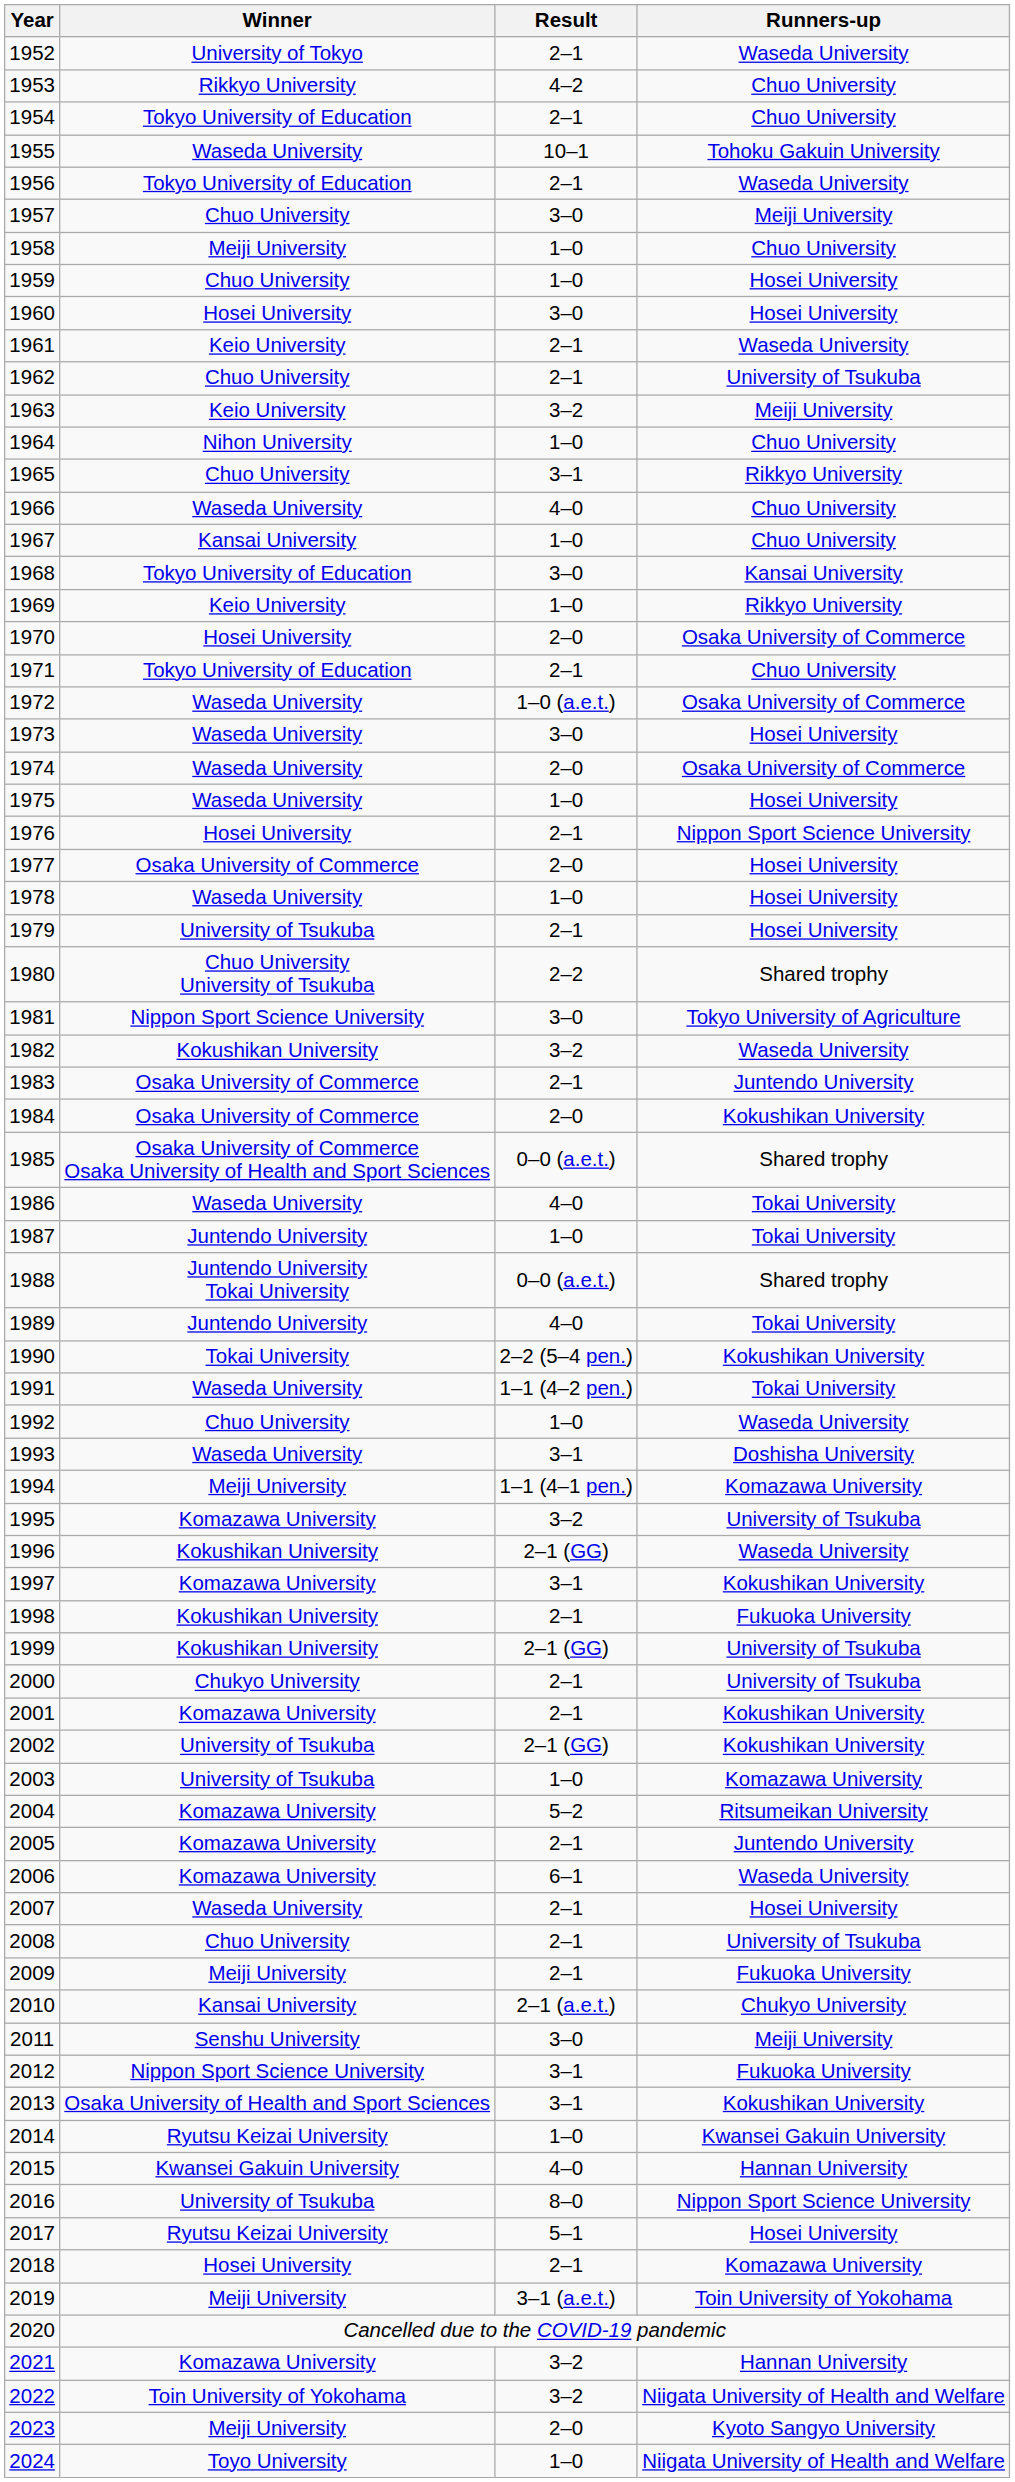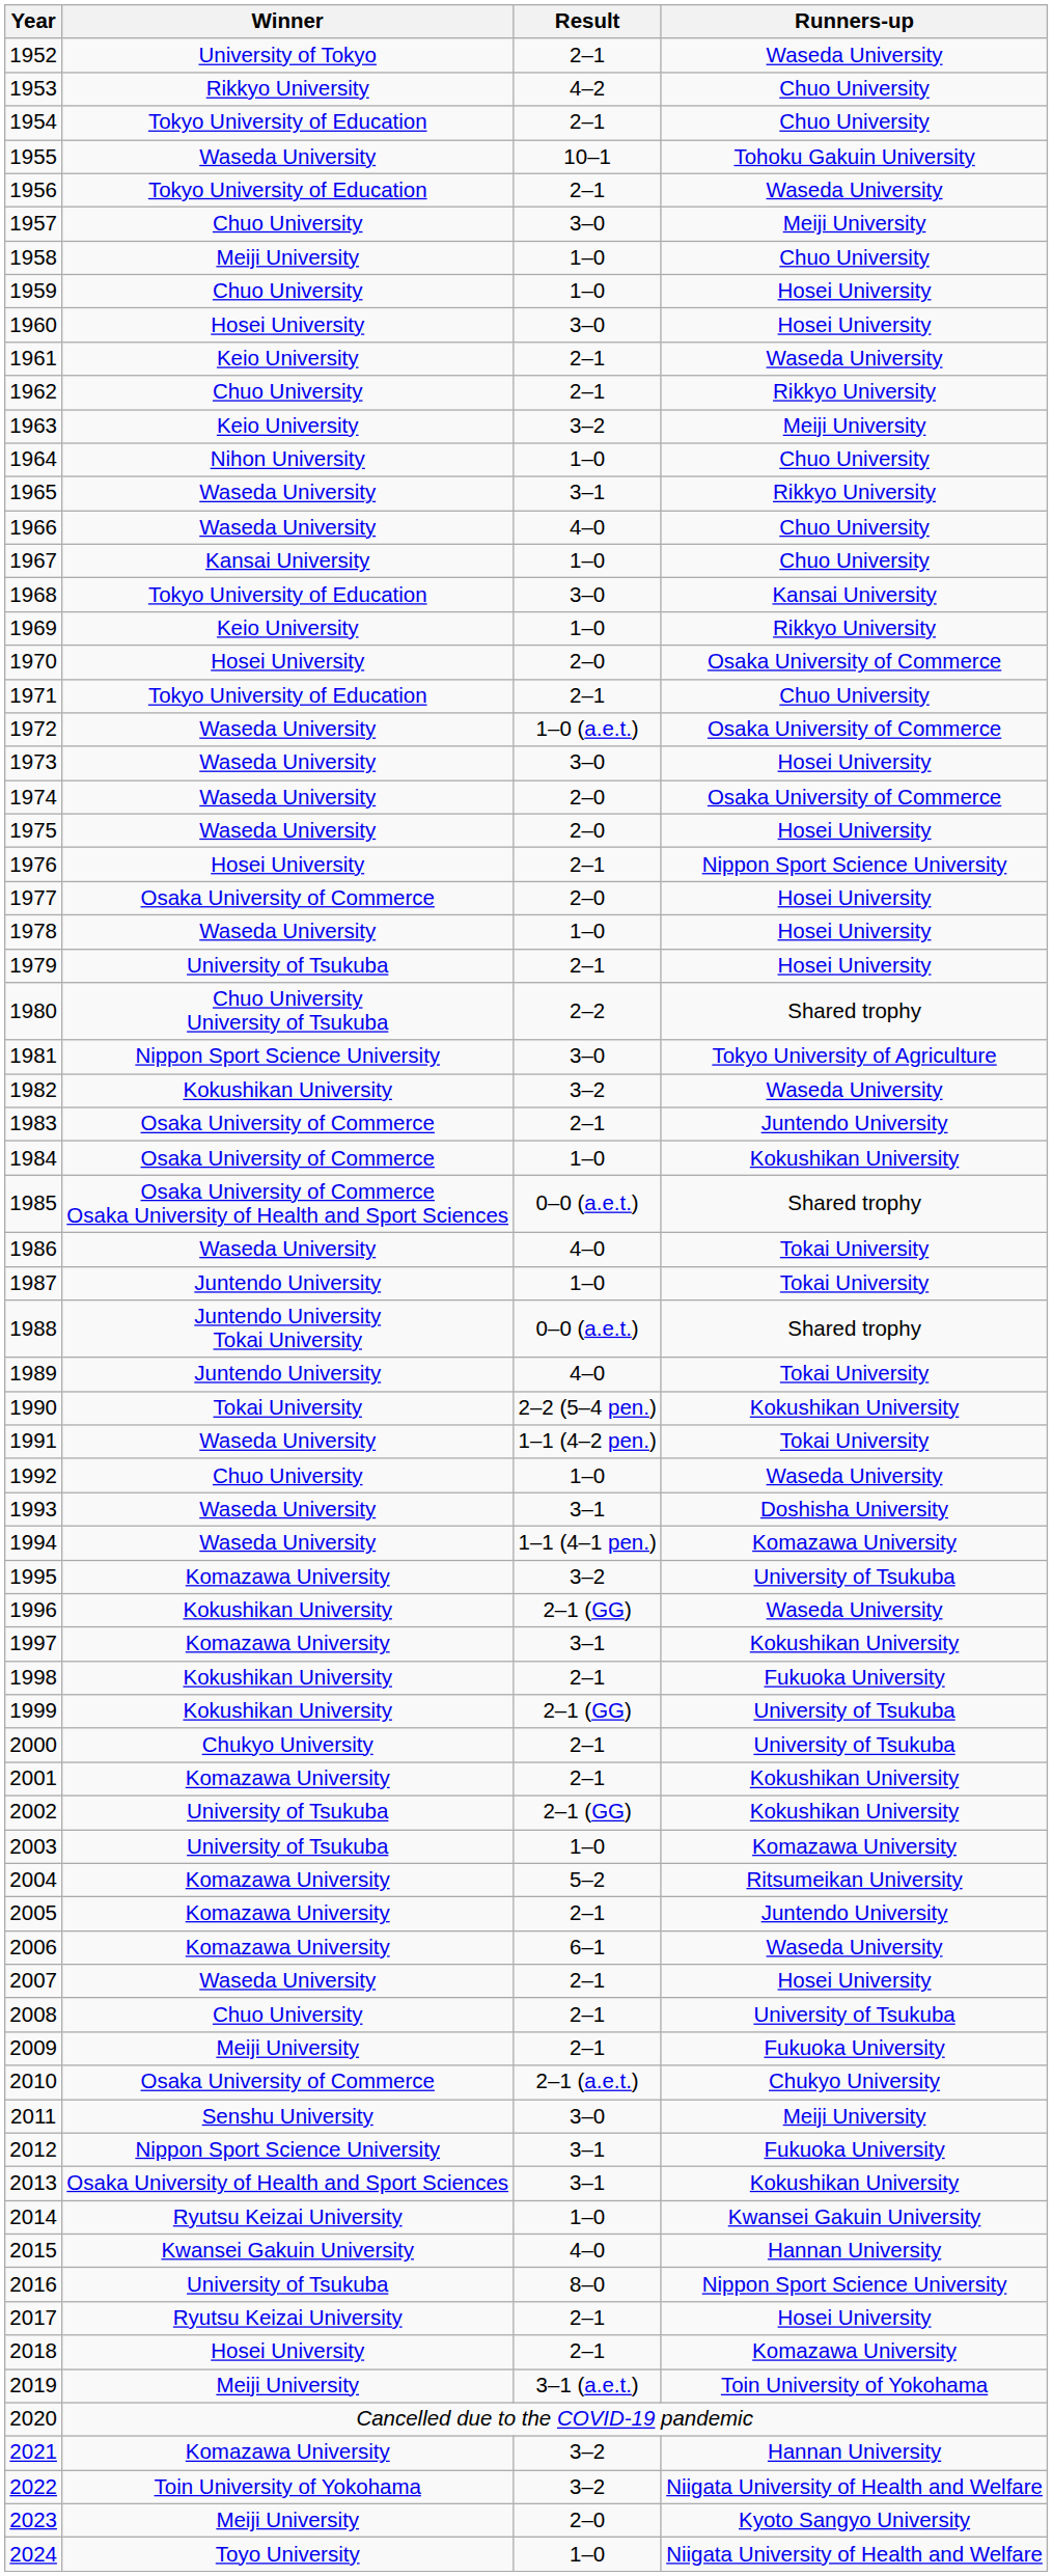 <table class="sortable wikitable" style="text-align: center;">
 <tr>
 <th>Year</th>
 <th>Winner</th>
 <th>Result</th>
 <th>Runners-up</th>
 </tr>
 <tr>
 <td>1952</td>
 <td><a href='#'>University of Tokyo</a></td>
 <td>2–1</td>
 <td><a href='#'>Waseda University</a></td>
 </tr>
 <tr>
 <td>1953</td>
 <td><a href='#'>Rikkyo University</a></td>
 <td>4–2</td>
 <td><a href='#'>Chuo University</a></td>
 </tr>
 <tr>
 <td>1954</td>
 <td><a href='#'>Tokyo University of Education</a></td>
 <td>2–1</td>
 <td><a href='#'>Chuo University</a></td>
 </tr>
 <tr>
 <td>1955</td>
 <td><a href='#'>Waseda University</a></td>
 <td>10–1</td>
 <td><a href='#'>Tohoku Gakuin University</a></td>
 </tr>
 <tr>
 <td>1956</td>
 <td><a href='#'>Tokyo University of Education</a></td>
 <td>2–1</td>
 <td><a href='#'>Waseda University</a></td>
 </tr>
 <tr>
 <td>1957</td>
 <td><a href='#'>Chuo University</a></td>
 <td>3–0</td>
 <td><a href='#'>Meiji University</a></td>
 </tr>
 <tr>
 <td>1958</td>
 <td><a href='#'>Meiji University</a></td>
 <td>1–0</td>
 <td><a href='#'>Chuo University</a></td>
 </tr>
 <tr>
 <td>1959</td>
 <td><a href='#'>Chuo University</a></td>
 <td>1–0</td>
 <td><a href='#'>Hosei University</a></td>
 </tr>
 <tr>
 <td>1960</td>
 <td><a href='#'>Hosei University</a></td>
 <td>3–0</td>
 <td><a href='#'>Hosei University</a></td>
 </tr>
 <tr>
 <td>1961</td>
 <td><a href='#'>Keio University</a></td>
 <td>2–1</td>
 <td><a href='#'>Waseda University</a></td>
 </tr>
 <tr>
 <td>1962</td>
 <td><a href='#'>Chuo University</a></td>
 <td>2–1</td>
-<td><a href='#'>University of Tsukuba</a></td>
+<td><a href='#'>Rikkyo University</a></td>
 </tr>
 <tr>
 <td>1963</td>
 <td><a href='#'>Keio University</a></td>
 <td>3–2</td>
 <td><a href='#'>Meiji University</a></td>
 </tr>
 <tr>
 <td>1964</td>
 <td><a href='#'>Nihon University</a></td>
 <td>1–0</td>
 <td><a href='#'>Chuo University</a></td>
 </tr>
 <tr>
 <td>1965</td>
-<td><a href='#'>Chuo University</a></td>
+<td><a href='#'>Waseda University</a></td>
 <td>3–1</td>
 <td><a href='#'>Rikkyo University</a></td>
 </tr>
 <tr>
 <td>1966</td>
 <td><a href='#'>Waseda University</a></td>
 <td>4–0</td>
 <td><a href='#'>Chuo University</a></td>
 </tr>
 <tr>
 <td>1967</td>
 <td><a href='#'>Kansai University</a></td>
 <td>1–0</td>
 <td><a href='#'>Chuo University</a></td>
 </tr>
 <tr>
 <td>1968</td>
 <td><a href='#'>Tokyo University of Education</a></td>
 <td>3–0</td>
 <td><a href='#'>Kansai University</a></td>
 </tr>
 <tr>
 <td>1969</td>
 <td><a href='#'>Keio University</a></td>
 <td>1–0</td>
 <td><a href='#'>Rikkyo University</a></td>
 </tr>
 <tr>
 <td>1970</td>
 <td><a href='#'>Hosei University</a></td>
 <td>2–0</td>
 <td><a href='#'>Osaka University of Commerce</a></td>
 </tr>
 <tr>
 <td>1971</td>
 <td><a href='#'>Tokyo University of Education</a></td>
 <td>2–1</td>
 <td><a href='#'>Chuo University</a></td>
 </tr>
 <tr>
 <td>1972</td>
 <td><a href='#'>Waseda University</a></td>
 <td>1–0 (<a href='#'>a.e.t.</a>)</td>
 <td><a href='#'>Osaka University of Commerce</a></td>
 </tr>
 <tr>
 <td>1973</td>
 <td><a href='#'>Waseda University</a></td>
 <td>3–0</td>
 <td><a href='#'>Hosei University</a></td>
 </tr>
 <tr>
 <td>1974</td>
 <td><a href='#'>Waseda University</a></td>
 <td>2–0</td>
 <td><a href='#'>Osaka University of Commerce</a></td>
 </tr>
 <tr>
 <td>1975</td>
 <td><a href='#'>Waseda University</a></td>
-<td>1–0</td>
+<td>2–0</td>
 <td><a href='#'>Hosei University</a></td>
 </tr>
 <tr>
 <td>1976</td>
 <td><a href='#'>Hosei University</a></td>
 <td>2–1</td>
 <td><a href='#'>Nippon Sport Science University</a></td>
 </tr>
 <tr>
 <td>1977</td>
 <td><a href='#'>Osaka University of Commerce</a></td>
 <td>2–0</td>
 <td><a href='#'>Hosei University</a></td>
 </tr>
 <tr>
 <td>1978</td>
 <td><a href='#'>Waseda  University</a></td>
 <td>1–0</td>
 <td><a href='#'>Hosei University</a></td>
 </tr>
 <tr>
 <td>1979</td>
 <td><a href='#'>University of Tsukuba</a></td>
 <td>2–1</td>
 <td><a href='#'>Hosei University</a></td>
 </tr>
 <tr>
 <td>1980</td>
 <td><a href='#'>Chuo University</a><br><a href='#'>University of Tsukuba</a></td>
 <td>2–2</td>
 <td>Shared trophy</td>
 </tr>
 <tr>
 <td>1981</td>
 <td><a href='#'>Nippon Sport Science University</a></td>
 <td>3–0</td>
 <td><a href='#'>Tokyo University of Agriculture</a></td>
 </tr>
 <tr>
 <td>1982</td>
 <td><a href='#'>Kokushikan University</a></td>
 <td>3–2</td>
 <td><a href='#'>Waseda University</a></td>
 </tr>
 <tr>
 <td>1983</td>
 <td><a href='#'>Osaka University of Commerce</a></td>
 <td>2–1</td>
 <td><a href='#'>Juntendo University</a></td>
 </tr>
 <tr>
 <td>1984</td>
 <td><a href='#'>Osaka University of Commerce</a></td>
-<td>2–0</td>
+<td>1–0</td>
 <td><a href='#'>Kokushikan University</a></td>
 </tr>
 <tr>
 <td>1985</td>
 <td><a href='#'>Osaka University of Commerce</a><br><a href='#'>Osaka University of Health and Sport Sciences</a></td>
 <td>0–0 (<a href='#'>a.e.t.</a>)</td>
 <td>Shared trophy</td>
 </tr>
 <tr>
 <td>1986</td>
 <td><a href='#'>Waseda University</a></td>
 <td>4–0</td>
 <td><a href='#'>Tokai University</a></td>
 </tr>
 <tr>
 <td>1987</td>
 <td><a href='#'>Juntendo University</a></td>
 <td>1–0</td>
 <td><a href='#'>Tokai University</a></td>
 </tr>
 <tr>
 <td>1988</td>
 <td><a href='#'>Juntendo University</a><br><a href='#'>Tokai University</a></td>
 <td>0–0 (<a href='#'>a.e.t.</a>)</td>
 <td>Shared trophy</td>
 </tr>
 <tr>
 <td>1989</td>
 <td><a href='#'>Juntendo University</a></td>
 <td>4–0</td>
 <td><a href='#'>Tokai University</a></td>
 </tr>
 <tr>
 <td>1990</td>
 <td><a href='#'>Tokai University</a></td>
 <td>2–2 (5–4 <a href='#'>pen.</a>)</td>
 <td><a href='#'>Kokushikan University</a></td>
 </tr>
 <tr>
 <td>1991</td>
 <td><a href='#'>Waseda University</a></td>
 <td>1–1 (4–2 <a href='#'>pen.</a>)</td>
 <td><a href='#'>Tokai University</a></td>
 </tr>
 <tr>
 <td>1992</td>
 <td><a href='#'>Chuo University</a></td>
 <td>1–0</td>
 <td><a href='#'>Waseda University</a></td>
 </tr>
 <tr>
 <td>1993</td>
 <td><a href='#'>Waseda University</a></td>
 <td>3–1</td>
 <td><a href='#'>Doshisha University</a></td>
 </tr>
 <tr>
 <td>1994</td>
-<td><a href='#'>Meiji University</a></td>
+<td><a href='#'>Waseda University</a></td>
 <td>1–1 (4–1 <a href='#'>pen.</a>)</td>
 <td><a href='#'>Komazawa University</a></td>
 </tr>
 <tr>
 <td>1995</td>
 <td><a href='#'>Komazawa University</a></td>
 <td>3–2</td>
 <td><a href='#'>University of Tsukuba</a></td>
 </tr>
 <tr>
 <td>1996</td>
 <td><a href='#'>Kokushikan University</a></td>
 <td>2–1 (<a href='#'>GG</a>)</td>
 <td><a href='#'>Waseda University</a></td>
 </tr>
 <tr>
 <td>1997</td>
 <td><a href='#'>Komazawa University</a></td>
 <td>3–1</td>
 <td><a href='#'>Kokushikan University</a></td>
 </tr>
 <tr>
 <td>1998</td>
 <td><a href='#'>Kokushikan University</a></td>
 <td>2–1</td>
 <td><a href='#'>Fukuoka University</a></td>
 </tr>
 <tr>
 <td>1999</td>
 <td><a href='#'>Kokushikan University</a></td>
 <td>2–1 (<a href='#'>GG</a>)</td>
 <td><a href='#'>University of Tsukuba</a></td>
 </tr>
 <tr>
 <td>2000</td>
 <td><a href='#'>Chukyo University</a></td>
 <td>2–1</td>
 <td><a href='#'>University of Tsukuba</a></td>
 </tr>
 <tr>
 <td>2001</td>
 <td><a href='#'>Komazawa University</a></td>
 <td>2–1</td>
 <td><a href='#'>Kokushikan University</a></td>
 </tr>
 <tr>
 <td>2002</td>
 <td><a href='#'>University of Tsukuba</a></td>
 <td>2–1 (<a href='#'>GG</a>)</td>
 <td><a href='#'>Kokushikan University</a></td>
 </tr>
 <tr>
 <td>2003</td>
 <td><a href='#'>University of Tsukuba</a></td>
 <td>1–0</td>
 <td><a href='#'>Komazawa University</a></td>
 </tr>
 <tr>
 <td>2004</td>
 <td><a href='#'>Komazawa University</a></td>
 <td>5–2</td>
 <td><a href='#'>Ritsumeikan University</a></td>
 </tr>
 <tr>
 <td>2005</td>
 <td><a href='#'>Komazawa University</a></td>
 <td>2–1</td>
 <td><a href='#'>Juntendo University</a></td>
 </tr>
 <tr>
 <td>2006</td>
 <td><a href='#'>Komazawa University</a></td>
 <td>6–1</td>
 <td><a href='#'>Waseda University</a></td>
 </tr>
 <tr>
 <td>2007</td>
 <td><a href='#'>Waseda University</a></td>
 <td>2–1</td>
 <td><a href='#'>Hosei University</a></td>
 </tr>
 <tr>
 <td>2008</td>
 <td><a href='#'>Chuo University</a></td>
 <td>2–1</td>
 <td><a href='#'>University of Tsukuba</a></td>
 </tr>
 <tr>
 <td>2009</td>
 <td><a href='#'>Meiji University</a></td>
 <td>2–1</td>
 <td><a href='#'>Fukuoka University</a></td>
 </tr>
 <tr>
 <td>2010</td>
-<td><a href='#'>Kansai University</a></td>
+<td><a href='#'>Osaka University of Commerce</a></td>
 <td>2–1 (<a href='#'>a.e.t.</a>)</td>
 <td><a href='#'>Chukyo University</a></td>
 </tr>
 <tr>
 <td>2011</td>
 <td><a href='#'>Senshu University</a></td>
 <td>3–0</td>
 <td><a href='#'>Meiji University</a></td>
 </tr>
 <tr>
 <td>2012</td>
 <td><a href='#'>Nippon Sport Science University</a></td>
 <td>3–1</td>
 <td><a href='#'>Fukuoka University</a></td>
 </tr>
 <tr>
 <td>2013</td>
 <td><a href='#'>Osaka University of Health and Sport Sciences</a></td>
 <td>3–1</td>
 <td><a href='#'>Kokushikan University</a></td>
 </tr>
 <tr>
 <td>2014</td>
 <td><a href='#'>Ryutsu Keizai University</a></td>
 <td>1–0</td>
 <td><a href='#'>Kwansei Gakuin University</a></td>
 </tr>
 <tr>
 <td>2015</td>
 <td><a href='#'>Kwansei Gakuin University</a></td>
 <td>4–0</td>
 <td><a href='#'>Hannan University</a></td>
 </tr>
 <tr>
 <td>2016</td>
 <td><a href='#'>University of Tsukuba</a></td>
 <td>8–0</td>
 <td><a href='#'>Nippon Sport Science University</a></td>
 </tr>
 <tr>
 <td>2017</td>
 <td><a href='#'>Ryutsu Keizai University</a></td>
-<td>5–1</td>
+<td>2–1</td>
 <td><a href='#'>Hosei University</a></td>
 </tr>
 <tr>
 <td>2018</td>
 <td><a href='#'>Hosei University</a></td>
 <td>2–1</td>
 <td><a href='#'>Komazawa University</a></td>
 </tr>
 <tr>
 <td>2019</td>
 <td><a href='#'>Meiji University</a></td>
 <td>3–1 (<a href='#'>a.e.t.</a>)</td>
 <td><a href='#'>Toin University of Yokohama</a></td>
 </tr>
 <tr>
 <td>2020</td>
 <td colspan="3"><em>Cancelled due to the <a href='#'>COVID-19</a> pandemic</td>
 </tr>
 <tr>
 <td><a href='#'>2021</a></td>
 <td><a href='#'>Komazawa University</a></td>
 <td>3–2</td>
 <td><a href='#'>Hannan University</a></td>
 </tr>
 <tr>
 <td><a href='#'>2022</a></td>
 <td><a href='#'>Toin University of Yokohama</a></td>
 <td>3–2</td>
 <td><a href='#'>Niigata University of Health and Welfare</a></td>
 </tr>
 <tr>
 <td><a href='#'>2023</a></td>
 <td><a href='#'>Meiji University</a></td>
 <td>2–0</td>
 <td><a href='#'>Kyoto Sangyo University</a></td>
 </tr>
 <tr>
 <td><a href='#'>2024</a></td>
 <td><a href='#'>Toyo University</a></td>
 <td>1–0</td>
 <td><a href='#'>Niigata University of Health and Welfare</a></td>
 </tr>
 </table>
